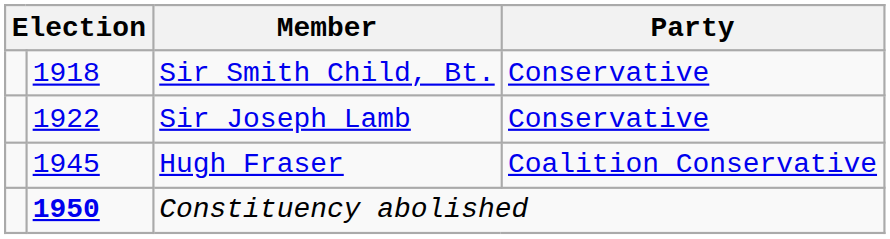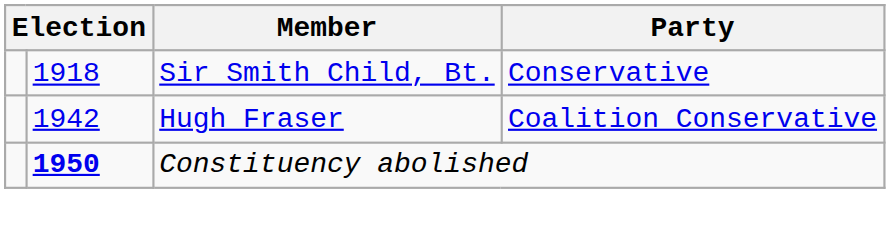 <table class="wikitable">
 <tr>
 <th colspan="2">Election</th>
 <th>Member</th>
 <th>Party</th>
 </tr>
 <tr>
 <td style="color:inherit;background-color: "></td>
 <td><a href='#'>1918</a></td>
 <td><a href='#'>Sir Smith Child, Bt.</a></td>
 <td><a href='#'>Conservative</a></td>
 </tr>
 <tr>
 <td style="color:inherit;background-color: "></td>
-<td><a href='#'>1922</a></td>
-<td><a href='#'>Sir Joseph Lamb</a></td>
-<td><a href='#'>Conservative</a></td>
-</tr>
-<tr>
-<td style="color:inherit;background-color: "></td>
-<td><a href='#'>1945</a></td>
+<td><a href='#'>1942</a></td>
 <td><a href='#'>Hugh Fraser</a></td>
 <td><a href='#'>Coalition Conservative</a></td>
 </tr>
 <tr>
 <td></td>
 <td><strong><a href='#'>1950</a></strong></td>
 <td colspan="2"><em>Constituency abolished</em></td>
 </tr>
 </table>
